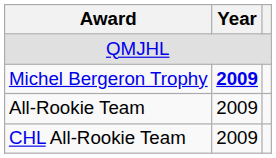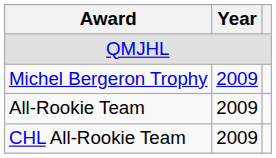 <table class="wikitable">
 <tr>
 <th>Award</th>
 <th>Year</th>
 <th></th>
 </tr>
 <tr ALIGN="center" bgcolor="#e0e0e0">
 <td colspan="3"><a href='#'>QMJHL</a></td>
 </tr>
 <tr>
 <td><a href='#'>Michel Bergeron Trophy</a></td>
-<td><strong><a href='#'>2009</a></strong></td>
+<td><a href='#'>2009</a></td>
 <td></td>
 </tr>
 <tr>
 <td>All-Rookie Team</td>
 <td>2009</td>
 <td></td>
 </tr>
 <tr>
 <td><a href='#'>CHL</a> All-Rookie Team</td>
 <td>2009</td>
 <td></td>
 </tr>
 </table>
